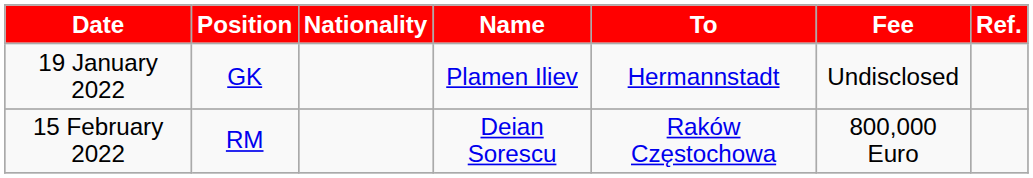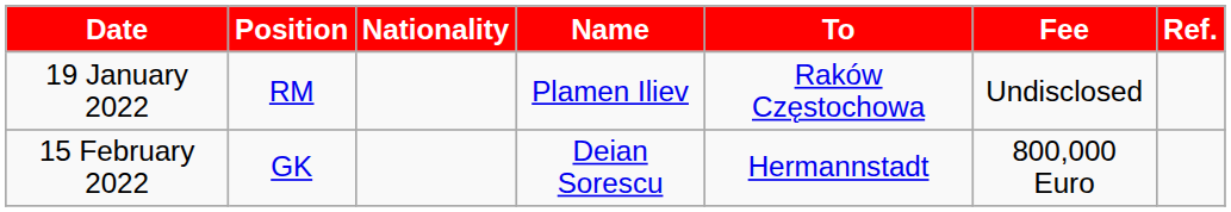 <table class="wikitable"  style="text-align:center; font-size:90%; ">
 <tr>
 <th style="background:red;color:white;">Date</th>
 <th style="background:red;color:white;">Position</th>
 <th style="background:red;color:white;">Nationality</th>
 <th style="background:red;color:white;">Name</th>
 <th style="background:red;color:white;">To</th>
 <th style="background:red;color:white;">Fee</th>
 <th style="background:red;color:white;">Ref.</th>
 </tr>
 <tr>
 <td>19 January 2022</td>
-<td><a href='#'>GK</a></td>
+<td><a href='#'>RM</a></td>
 <td></td>
 <td><a href='#'>Plamen Iliev</a></td>
-<td><a href='#'>Hermannstadt</a></td>
+<td> <a href='#'>Raków Częstochowa</a></td>
 <td>Undisclosed</td>
 <td></td>
 </tr>
 <tr>
 <td>15 February 2022</td>
-<td><a href='#'>RM</a></td>
+<td><a href='#'>GK</a></td>
 <td></td>
 <td><a href='#'>Deian Sorescu</a></td>
-<td> <a href='#'>Raków Częstochowa</a></td>
+<td><a href='#'>Hermannstadt</a></td>
 <td>800,000 Euro</td>
 <td></td>
 </tr>
 </table>
